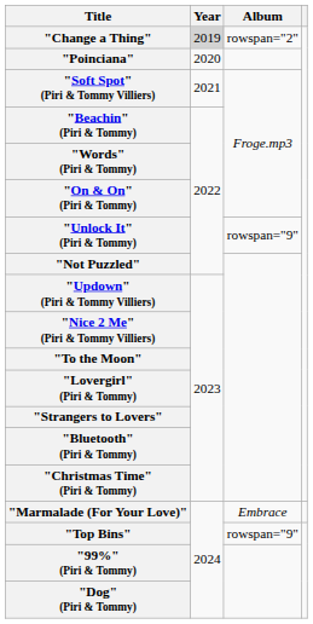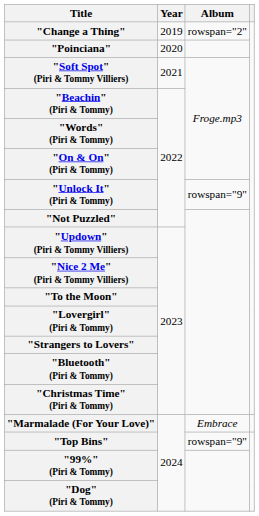 <table class="wikitable plainrowheaders" style="text-align:center;">
 <tr>
 <th scope="col">Title</th>
 <th scope="col">Year</th>
 <th scope="col">Album</th>
 <th scope="col"></th>
 </tr>
 <tr>
 <th scope="row">"Change a Thing"</th>
-<td style="background: lightgrey;">2019</td>
+<td>2019</td>
 <td>rowspan="2" </td>
 <td rowspan="15"></td>
 </tr>
 <tr>
 <th scope="row">"Poinciana"</th>
 <td>2020</td>
 </tr>
 <tr>
 <th scope="row">"<a href='#'>Soft Spot</a>"<br><small>(Piri & Tommy Villiers)</small></th>
 <td>2021</td>
 <td rowspan="4"><em>Froge.mp3</em></td>
 </tr>
 <tr>
 <th scope="row">"<a href='#'>Beachin</a>"<br><small>(Piri & Tommy)</small></th>
 <td rowspan="5">2022</td>
 </tr>
 <tr>
 <th scope="row">"Words"<br><small>(Piri & Tommy)</small></th>
 </tr>
 <tr>
 <th scope="row">"<a href='#'>On & On</a>"<br><small>(Piri & Tommy)</small></th>
 </tr>
 <tr>
 <th scope="row">"<a href='#'>Unlock It</a>"<br><small>(Piri & Tommy)</small></th>
 <td>rowspan="9" </td>
 </tr>
 <tr>
 <th scope="row">"Not Puzzled"<br></th>
 </tr>
 <tr>
 <th scope="row">"<a href='#'>Updown</a>"<br><small>(Piri & Tommy Villiers)</small></th>
 <td rowspan="7">2023</td>
 </tr>
 <tr>
 <th scope="row">"<a href='#'>Nice 2 Me</a>"<br><small>(Piri & Tommy Villiers)</small></th>
 </tr>
 <tr>
 <th scope="row">"To the Moon"<br></th>
 </tr>
 <tr>
 <th scope="row">"Lovergirl"<br><small>(Piri & Tommy)</small></th>
 </tr>
 <tr>
 <th scope="row">"Strangers to Lovers"<br></th>
 </tr>
 <tr>
 <th scope="row">"Bluetooth"<br><small>(Piri & Tommy)</small></th>
 </tr>
 <tr>
 <th scope="row">"Christmas Time"<br><small>(Piri & Tommy)</small></th>
 </tr>
 <tr>
 <th scope="row">"Marmalade (For Your Love)"<br></th>
 <td rowspan="4">2024</td>
 <td><em>Embrace</em></td>
 <td></td>
 </tr>
 <tr>
 <th scope="row">"Top Bins"<br></th>
 <td>rowspan="9" </td>
 <td rowspan="3"></td>
 </tr>
 <tr>
 <th scope="row">"99%"<br><small>(Piri & Tommy)</small></th>
 </tr>
 <tr>
 <th scope="row">"Dog"<br><small>(Piri & Tommy)</small></th>
 </tr>
 </table>
